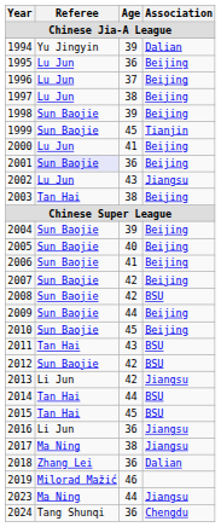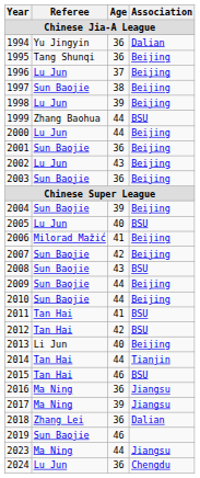 <table class="wikitable" style="text-align:left;">
 <tr>
 <th>Year</th>
 <th>Referee</th>
 <th>Age</th>
 <th>Association</th>
 </tr>
 <tr style="background:#ddd;">
 <td colspan="4" style="text-align:center"><strong>Chinese Jia-A League</strong></td>
 </tr>
 <tr>
 <td>1994</td>
 <td> Yu Jingyin</td>
-<td align=center>39</td>
+<td align=center>36</td>
 <td><a href='#'>Dalian</a></td>
 </tr>
 <tr>
 <td>1995</td>
-<td> <a href='#'>Lu Jun</a></td>
+<td> Tang Shunqi</td>
 <td align=center>36</td>
 <td><a href='#'>Beijing</a></td>
 </tr>
 <tr>
 <td>1996</td>
 <td> <a href='#'>Lu Jun</a></td>
 <td align=center>37</td>
 <td><a href='#'>Beijing</a></td>
 </tr>
 <tr>
 <td>1997</td>
-<td> <a href='#'>Lu Jun</a></td>
+<td> <a href='#'>Sun Baojie</a></td>
 <td align=center>38</td>
 <td><a href='#'>Beijing</a></td>
 </tr>
 <tr>
 <td>1998</td>
-<td> <a href='#'>Sun Baojie</a></td>
+<td> <a href='#'>Lu Jun</a></td>
 <td align=center>39</td>
 <td><a href='#'>Beijing</a></td>
 </tr>
 <tr>
 <td>1999</td>
-<td> <a href='#'>Sun Baojie</a></td>
-<td align=center>45</td>
-<td><a href='#'>Tianjin</a></td>
+<td> Zhang Baohua</td>
+<td align=center>44</td>
+<td><a href='#'>BSU</a></td>
 </tr>
 <tr>
 <td>2000</td>
 <td> <a href='#'>Lu Jun</a></td>
-<td align=center>41</td>
+<td align=center>44</td>
 <td><a href='#'>Beijing</a></td>
 </tr>
 <tr>
 <td>2001</td>
-<td style="background: lavender;"> <a href='#'>Sun Baojie</a></td>
+<td> <a href='#'>Sun Baojie</a></td>
 <td align=center>36</td>
 <td><a href='#'>Beijing</a></td>
 </tr>
 <tr>
 <td>2002</td>
 <td> <a href='#'>Lu Jun</a></td>
 <td align=center>43</td>
-<td><a href='#'>Jiangsu</a></td>
+<td><a href='#'>Beijing</a></td>
 </tr>
 <tr>
 <td>2003</td>
-<td> <a href='#'>Tan Hai</a></td>
-<td align=center>38</td>
+<td> <a href='#'>Sun Baojie</a></td>
+<td align=center>36</td>
 <td><a href='#'>Beijing</a></td>
 </tr>
 <tr style="background:#ddd;">
 <td colspan="4" style="text-align:center"><strong>Chinese Super League</strong></td>
 </tr>
 <tr>
 <td>2004</td>
 <td> <a href='#'>Sun Baojie</a></td>
 <td align=center>39</td>
 <td><a href='#'>Beijing</a></td>
 </tr>
 <tr>
 <td>2005</td>
-<td> <a href='#'>Sun Baojie</a></td>
+<td> <a href='#'>Lu Jun</a></td>
 <td align=center>40</td>
-<td><a href='#'>Beijing</a></td>
+<td><a href='#'>BSU</a></td>
 </tr>
 <tr>
 <td>2006</td>
-<td> <a href='#'>Sun Baojie</a></td>
+<td> <a href='#'>Milorad Mažić</a></td>
 <td align=center>41</td>
 <td><a href='#'>Beijing</a></td>
 </tr>
 <tr>
 <td>2007</td>
 <td> <a href='#'>Sun Baojie</a></td>
 <td align=center>42</td>
 <td><a href='#'>Beijing</a></td>
 </tr>
 <tr>
 <td>2008</td>
 <td> <a href='#'>Sun Baojie</a></td>
-<td align=center>42</td>
+<td align=center>43</td>
 <td><a href='#'>BSU</a></td>
 </tr>
 <tr>
 <td>2009</td>
 <td> <a href='#'>Sun Baojie</a></td>
 <td align=center>44</td>
 <td><a href='#'>Beijing</a></td>
 </tr>
 <tr>
 <td>2010</td>
 <td> <a href='#'>Sun Baojie</a></td>
-<td align=center>45</td>
+<td align=center>44</td>
 <td><a href='#'>Beijing</a></td>
 </tr>
 <tr>
 <td>2011</td>
 <td> <a href='#'>Tan Hai</a></td>
-<td align=center>43</td>
+<td align=center>41</td>
 <td><a href='#'>BSU</a></td>
 </tr>
 <tr>
 <td>2012</td>
-<td> <a href='#'>Sun Baojie</a></td>
+<td> <a href='#'>Tan Hai</a></td>
 <td align=center>42</td>
 <td><a href='#'>BSU</a></td>
 </tr>
 <tr>
 <td>2013</td>
 <td> Li Jun</td>
-<td align=center>42</td>
-<td><a href='#'>Jiangsu</a></td>
+<td align=center>40</td>
+<td><a href='#'>Beijing</a></td>
 </tr>
 <tr>
 <td>2014</td>
 <td> <a href='#'>Tan Hai</a></td>
 <td align=center>44</td>
-<td><a href='#'>BSU</a></td>
+<td><a href='#'>Tianjin</a></td>
 </tr>
 <tr>
 <td>2015</td>
 <td> <a href='#'>Tan Hai</a></td>
-<td align=center>45</td>
+<td align=center>46</td>
 <td><a href='#'>BSU</a></td>
 </tr>
 <tr>
 <td>2016</td>
-<td> Li Jun</td>
+<td> <a href='#'>Ma Ning</a></td>
 <td align=center>36</td>
 <td><a href='#'>Jiangsu</a></td>
 </tr>
 <tr>
 <td>2017</td>
 <td> <a href='#'>Ma Ning</a></td>
-<td align=center>38</td>
+<td align=center>39</td>
 <td><a href='#'>Jiangsu</a></td>
 </tr>
 <tr>
 <td>2018</td>
 <td> <a href='#'>Zhang Lei</a></td>
 <td align=center>36</td>
 <td><a href='#'>Dalian</a></td>
 </tr>
 <tr>
 <td>2019</td>
-<td> <a href='#'>Milorad Mažić</a></td>
+<td> <a href='#'>Sun Baojie</a></td>
 <td align=center>46</td>
 </tr>
 <tr>
 <td>2023</td>
 <td> <a href='#'>Ma Ning</a></td>
 <td align=center>44</td>
 <td><a href='#'>Jiangsu</a></td>
 </tr>
 <tr>
 <td>2024</td>
-<td> Tang Shunqi</td>
+<td> <a href='#'>Lu Jun</a></td>
 <td align=center>36</td>
 <td><a href='#'>Chengdu</a></td>
 </tr>
 </table>
